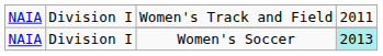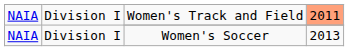 <table class="wikitable" style="text-align:center">
 <tr align = "center">
 <td rowspan="2"><a href='#'>NAIA</a></td>
 <td rowspan="2">Division I</td>
 </tr>
 <tr align="center">
 <td>Women's Track and Field</td>
-<td>2011</td>
+<td style="background: lightsalmon;">2011</td>
 </tr>
 <tr align="center">
 <td rowspan="2"><a href='#'>NAIA</a></td>
 <td rowspan="2">Division I</td>
 </tr>
 <tr align="center">
 <td>Women's Soccer</td>
-<td style="background: paleturquoise;">2013</td>
+<td>2013</td>
 </tr>
 </table>
